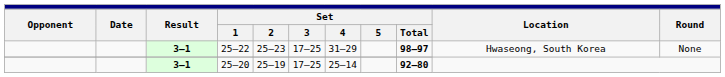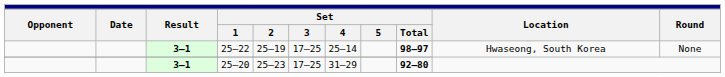 <table class="wikitable collapsible collapsed" style="text-align:center; font-size:90%; width:70%;">
 <tr>
 <th colspan=11 style="background:#000080; color: #FFFFFF;"><a href='#'></a></th>
 </tr>
 <tr>
 <th rowspan=2>Opponent</th>
 <th rowspan=2>Date</th>
 <th rowspan=2>Result</th>
 <th colspan=6>Set</th>
 <th rowspan=2>Location</th>
 <th rowspan=2>Round</th>
 </tr>
 <tr>
 <th width=5%>1</th>
 <th width=5%>2</th>
 <th width=5%>3</th>
 <th width=5%>4</th>
 <th width=5%>5</th>
 <th width=5%>Total</th>
 </tr>
 <tr style="text-align:center;">
 <td style="text-align:left;"></td>
 <td></td>
 <td style="background:#ddffdd;"><strong>3–1</strong></td>
 <td>25–22</td>
-<td>25–23</td>
+<td>25–19</td>
 <td>17–25</td>
-<td>31–29</td>
+<td>25–14</td>
 <td></td>
 <td><strong>98–97</strong></td>
 <td rowspan=2> Hwaseong, South Korea</td>
 <td rowspan=2>None</td>
 </tr>
 <tr>
 </tr>
 <tr style="text-align:center;">
 <td style="text-align:left;"></td>
 <td></td>
 <td style="background:#ddffdd;"><strong>3–1</strong></td>
 <td>25–20</td>
-<td>25–19</td>
+<td>25–23</td>
 <td>17–25</td>
-<td>25–14</td>
+<td>31–29</td>
 <td></td>
 <td><strong>92–80</strong></td>
 </tr>
 </table>
